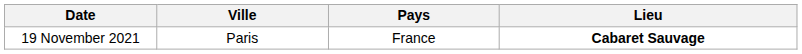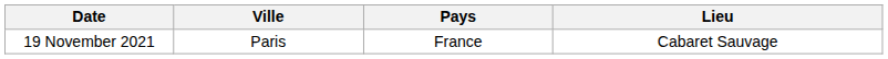 <table class="wikitable centre" style="font-size:90%; text-align:center; background:#fff;">
 <tr>
 <th width="150">Date</th>
 <th width="170">Ville</th>
 <th width="170">Pays</th>
 <th width="300">Lieu</th>
 </tr>
 <tr>
 <td align="center" rowspan="1">19 November 2021</td>
 <td align="center" rowspan="1">Paris</td>
 <td align="center" rowspan="6">France</td>
-<td align="center" rowspan="1"><strong>Cabaret Sauvage</strong></td>
+<td align="center" rowspan="1">Cabaret Sauvage</td>
 </tr>
 </table>
